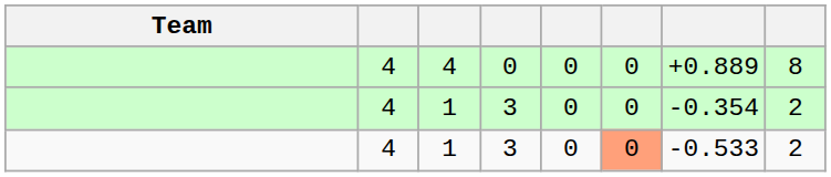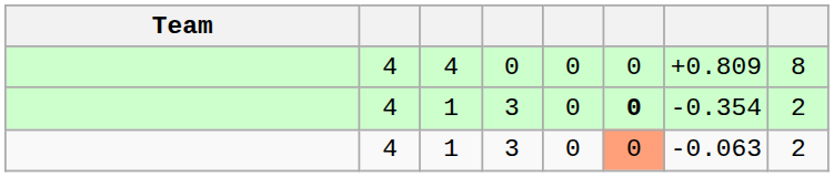 <table class="wikitable" style="text-align:center">
 <tr>
 <th style="width:175px;">Team</th>
 <th style="width:25px;"></th>
 <th style="width:25px;"></th>
 <th style="width:25px;"></th>
 <th style="width:25px;"></th>
 <th style="width:25px;"></th>
 <th style="width:45px;"></th>
 <th style="width:25px;"></th>
 </tr>
 <tr style="background:#cfc;">
 <td align="left"></td>
 <td>4</td>
 <td>4</td>
 <td>0</td>
 <td>0</td>
 <td>0</td>
-<td>+0.889</td>
+<td>+0.809</td>
 <td>8</td>
 </tr>
 <tr style="background:#cfc;">
 <td align="left"></td>
 <td>4</td>
 <td>1</td>
 <td>3</td>
 <td>0</td>
-<td>0</td>
+<td><strong>0</strong></td>
 <td>-0.354</td>
 <td>2</td>
 </tr>
 <tr>
 <td align="left"></td>
 <td>4</td>
 <td>1</td>
 <td>3</td>
 <td>0</td>
 <td style="background: lightsalmon;">0</td>
-<td>-0.533</td>
+<td>-0.063</td>
 <td>2</td>
 </tr>
 </table>
